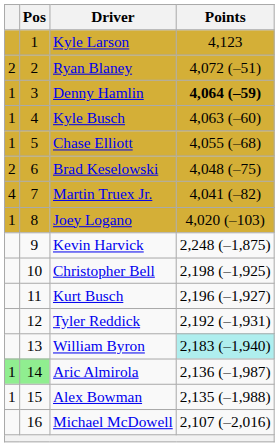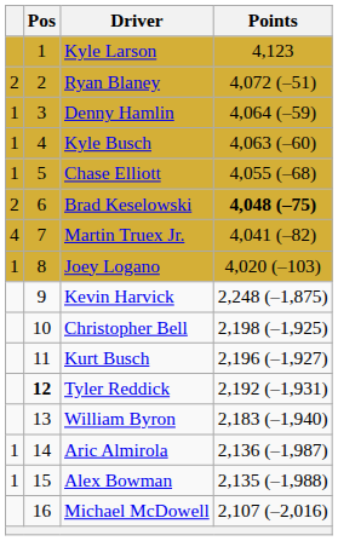 <table class="wikitable" style="font-size: 95%">
 <tr>
 <th></th>
 <th>Pos</th>
 <th>Driver</th>
 <th>Points</th>
 </tr>
 <tr style="background:#D4AF37;">
 <td align="left"></td>
 <td style="text-align:center;">1</td>
 <td><a href='#'>Kyle Larson</a></td>
 <td style="text-align:center;">4,123</td>
 </tr>
 <tr style="background:#D4AF37;">
 <td align="left"> 2</td>
 <td style="text-align:center;">2</td>
 <td><a href='#'>Ryan Blaney</a></td>
 <td style="text-align:center;">4,072 (–51)</td>
 </tr>
 <tr style="background:#D4AF37;">
 <td align="left"> 1</td>
 <td style="text-align:center;">3</td>
 <td><a href='#'>Denny Hamlin</a></td>
-<td style="text-align:center;"><strong>4,064 (–59)</strong></td>
+<td style="text-align:center;">4,064 (–59)</td>
 </tr>
 <tr style="background:#D4AF37;">
 <td align="left"> 1</td>
 <td style="text-align:center;">4</td>
 <td><a href='#'>Kyle Busch</a></td>
 <td style="text-align:center;">4,063 (–60)</td>
 </tr>
 <tr style="background:#D4AF37;">
 <td align="left"> 1</td>
 <td style="text-align:center;">5</td>
 <td><a href='#'>Chase Elliott</a></td>
 <td style="text-align:center;">4,055 (–68)</td>
 </tr>
 <tr style="background:#D4AF37;">
 <td align="left"> 2</td>
 <td style="text-align:center;">6</td>
 <td><a href='#'>Brad Keselowski</a></td>
-<td style="text-align:center;">4,048 (–75)</td>
+<td style="text-align:center;"><strong>4,048 (–75)</strong></td>
 </tr>
 <tr style="background:#D4AF37;">
 <td align="left"> 4</td>
 <td style="text-align:center;">7</td>
 <td><a href='#'>Martin Truex Jr.</a></td>
 <td style="text-align:center;">4,041 (–82)</td>
 </tr>
 <tr style="background:#D4AF37;">
 <td align="left"> 1</td>
 <td style="text-align:center;">8</td>
 <td><a href='#'>Joey Logano</a></td>
 <td style="text-align:center;">4,020 (–103)</td>
 </tr>
 <tr>
 <td align="left"></td>
 <td style="text-align:center;">9</td>
 <td><a href='#'>Kevin Harvick</a></td>
 <td style="text-align:center;">2,248 (–1,875)</td>
 </tr>
 <tr>
 <td align="left"></td>
 <td style="text-align:center;">10</td>
 <td><a href='#'>Christopher Bell</a></td>
 <td style="text-align:center;">2,198 (–1,925)</td>
 </tr>
 <tr>
 <td align="left"></td>
 <td style="text-align:center;">11</td>
 <td><a href='#'>Kurt Busch</a></td>
 <td style="text-align:center;">2,196 (–1,927)</td>
 </tr>
 <tr>
 <td align="left"></td>
-<td style="text-align:center;">12</td>
+<td style="text-align:center;"><strong>12</strong></td>
 <td><a href='#'>Tyler Reddick</a></td>
 <td style="text-align:center;">2,192 (–1,931)</td>
 </tr>
 <tr>
 <td align="left"></td>
 <td style="text-align:center;">13</td>
 <td><a href='#'>William Byron</a></td>
-<td style="background: paleturquoise; text-align:center;">2,183 (–1,940)</td>
+<td style="text-align:center;">2,183 (–1,940)</td>
 </tr>
 <tr>
-<td align="left" style="background: lightgreen;"> 1</td>
-<td style="background: lightgreen; text-align:center;">14</td>
+<td align="left"> 1</td>
+<td style="text-align:center;">14</td>
 <td><a href='#'>Aric Almirola</a></td>
 <td style="text-align:center;">2,136 (–1,987)</td>
 </tr>
 <tr>
 <td align="left"> 1</td>
 <td style="text-align:center;">15</td>
 <td><a href='#'>Alex Bowman</a></td>
 <td style="text-align:center;">2,135 (–1,988)</td>
 </tr>
 <tr>
 <td align="left"></td>
 <td style="text-align:center;">16</td>
 <td><a href='#'>Michael McDowell</a></td>
 <td style="text-align:center;">2,107 (–2,016)</td>
 </tr>
 <tr class="sortbottom">
 <th colspan="9"></th>
 </tr>
 </table>
